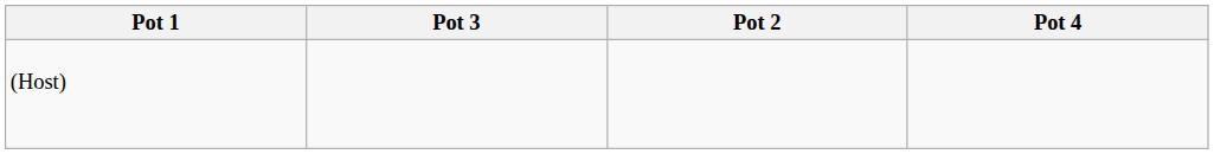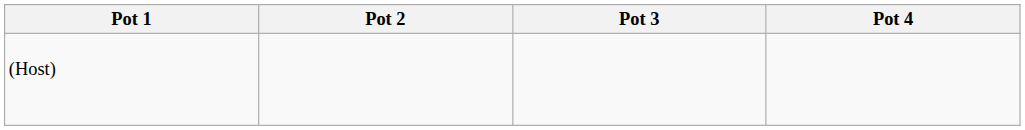 <table class="wikitable" style="width:100%;">
 <tr>
 <th width=25%><strong>Pot 1</strong></th>
+<th width=25%><strong>Pot 2</strong></th>
 <th width=25%><strong>Pot 3</strong></th>
-<th width=25%><strong>Pot 2</strong></th>
 <th width=25%><strong>Pot 4</strong></th>
 </tr>
 <tr>
 <td><br> (Host)<br> <br> <br> </td>
 <td><br><br> <br> <br> </td>
 <td><br><br> <br> <br> </td>
 <td><br><br> <br> <br> </td>
 </tr>
 </table>
